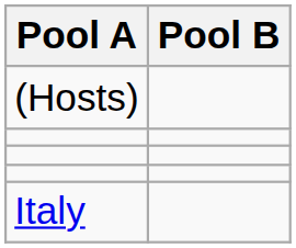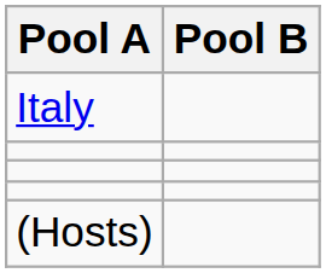 <table class="wikitable">
 <tr>
 <th width=50%>Pool A</th>
 <th width=50%>Pool B</th>
 </tr>
 <tr>
-<td> (Hosts)</td>
+<td> <a href='#'>Italy</a></td>
 <td></td>
 </tr>
 <tr>
 <td></td>
 <td></td>
 </tr>
 <tr>
 <td></td>
 <td></td>
 </tr>
 <tr>
 <td></td>
 <td></td>
 </tr>
 <tr>
-<td> <a href='#'>Italy</a></td>
+<td> (Hosts)</td>
 <td></td>
 </tr>
 </table>
